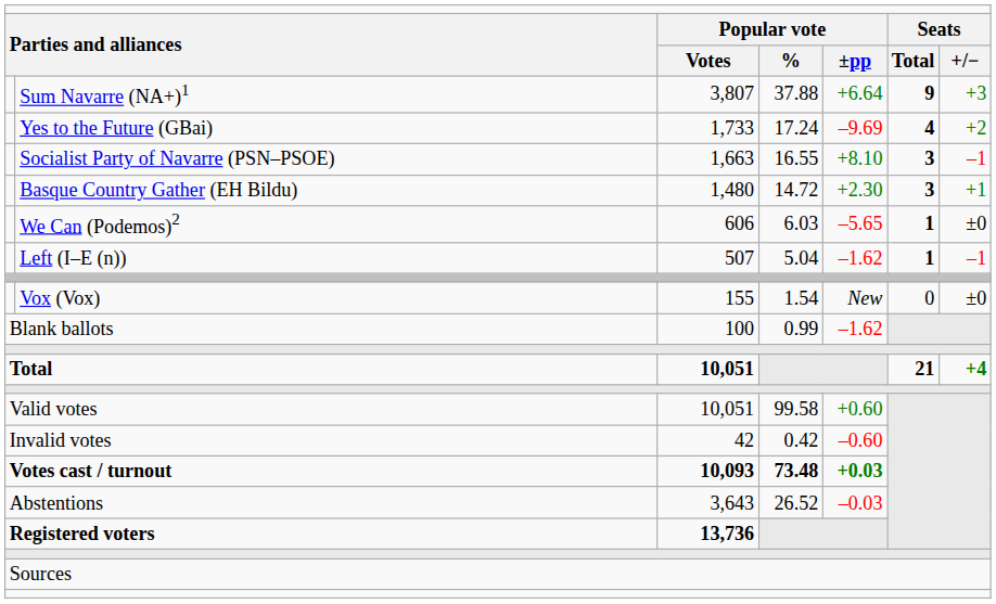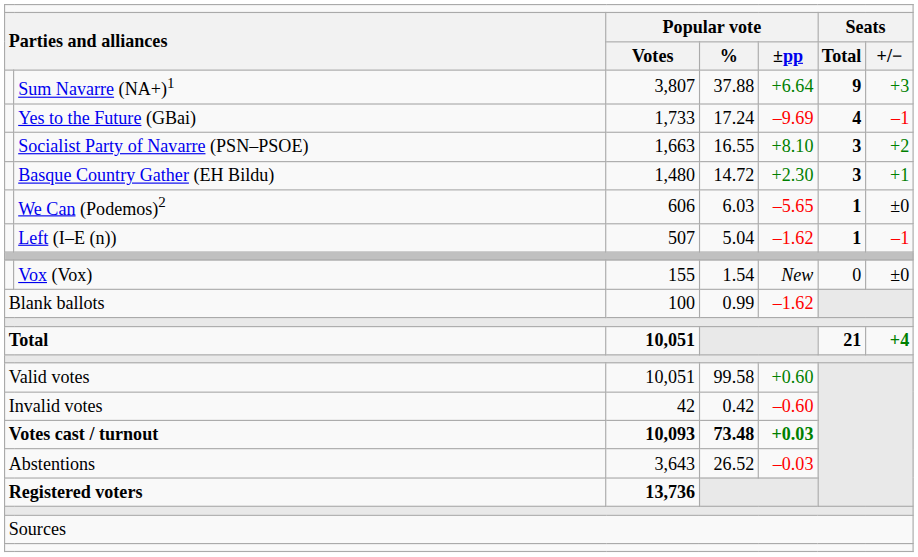 <table class="wikitable" style="text-align:right;">
 <tr>
 <td colspan="7"></td>
 </tr>
 <tr>
 <th style="text-align:left;" rowspan="2" colspan="2" width="525">Parties and alliances</th>
 <th colspan="3">Popular vote</th>
 <th colspan="2">Seats</th>
 </tr>
 <tr>
 <th width="75">Votes</th>
 <th width="45">%</th>
 <th width="45">±<a href='#'>pp</a></th>
 <th width="35">Total</th>
 <th width="35">+/−</th>
 </tr>
 <tr>
 <td width="1" style="color:inherit;background:"></td>
 <td align="left"><a href='#'>Sum Navarre</a> (NA+)<sup>1</sup></td>
 <td>3,807</td>
 <td>37.88</td>
 <td style="color:green;">+6.64</td>
 <td><strong>9</strong></td>
 <td style="color:green;">+3</td>
 </tr>
 <tr>
 <td style="color:inherit;background:"></td>
 <td align="left"><a href='#'>Yes to the Future</a> (GBai)</td>
 <td>1,733</td>
 <td>17.24</td>
 <td style="color:red;">–9.69</td>
 <td><strong>4</strong></td>
-<td style="color:green;">+2</td>
+<td style="color:red;">–1</td>
 </tr>
 <tr>
 <td style="color:inherit;background:"></td>
 <td align="left"><a href='#'>Socialist Party of Navarre</a> (PSN–PSOE)</td>
 <td>1,663</td>
 <td>16.55</td>
 <td style="color:green;">+8.10</td>
 <td><strong>3</strong></td>
-<td style="color:red;">–1</td>
+<td style="color:green;">+2</td>
 </tr>
 <tr>
 <td style="color:inherit;background:"></td>
 <td align="left"><a href='#'>Basque Country Gather</a> (EH Bildu)</td>
 <td>1,480</td>
 <td>14.72</td>
 <td style="color:green;">+2.30</td>
 <td><strong>3</strong></td>
 <td style="color:green;">+1</td>
 </tr>
 <tr>
 <td style="color:inherit;background:"></td>
 <td align="left"><a href='#'>We Can</a> (Podemos)<sup>2</sup></td>
 <td>606</td>
 <td>6.03</td>
 <td style="color:red;">–5.65</td>
 <td><strong>1</strong></td>
 <td>±0</td>
 </tr>
 <tr>
 <td style="color:inherit;background:"></td>
 <td align="left"><a href='#'>Left</a> (I–E (n))</td>
 <td>507</td>
 <td>5.04</td>
 <td style="color:red;">–1.62</td>
 <td><strong>1</strong></td>
 <td style="color:red;">–1</td>
 </tr>
 <tr>
 <td colspan="7" bgcolor="#C0C0C0"></td>
 </tr>
 <tr>
 <td style="color:inherit;background:"></td>
 <td align="left"><a href='#'>Vox</a> (Vox)</td>
 <td>155</td>
 <td>1.54</td>
 <td><em>New</em></td>
 <td>0</td>
 <td>±0</td>
 </tr>
 <tr>
 <td align="left" colspan="2">Blank ballots</td>
 <td>100</td>
 <td>0.99</td>
 <td style="color:red;">–1.62</td>
 <td bgcolor="#E9E9E9" colspan="2"></td>
 </tr>
 <tr>
 <td colspan="7" bgcolor="#E9E9E9"></td>
 </tr>
 <tr style="font-weight:bold;">
 <td align="left" colspan="2">Total</td>
 <td>10,051</td>
 <td bgcolor="#E9E9E9" colspan="2"></td>
 <td>21</td>
 <td style="color:green;">+4</td>
 </tr>
 <tr>
 <td colspan="7" bgcolor="#E9E9E9"></td>
 </tr>
 <tr>
 <td align="left" colspan="2">Valid votes</td>
 <td>10,051</td>
 <td>99.58</td>
 <td style="color:green;">+0.60</td>
 <td bgcolor="#E9E9E9" colspan="2" rowspan="5"></td>
 </tr>
 <tr>
 <td align="left" colspan="2">Invalid votes</td>
 <td>42</td>
 <td>0.42</td>
 <td style="color:red;">–0.60</td>
 </tr>
 <tr style="font-weight:bold;">
 <td align="left" colspan="2">Votes cast / turnout</td>
 <td>10,093</td>
 <td>73.48</td>
 <td style="color:green;">+0.03</td>
 </tr>
 <tr>
 <td align="left" colspan="2">Abstentions</td>
 <td>3,643</td>
 <td>26.52</td>
 <td style="color:red;">–0.03</td>
 </tr>
 <tr style="font-weight:bold;">
 <td align="left" colspan="2">Registered voters</td>
 <td>13,736</td>
 <td bgcolor="#E9E9E9" colspan="2"></td>
 </tr>
 <tr>
 <td colspan="7" bgcolor="#E9E9E9"></td>
 </tr>
 <tr>
 <td align="left" colspan="7">Sources</td>
 </tr>
 <tr>
 <td colspan="7" style="text-align:left; max-width:790px;"></td>
 </tr>
 </table>
